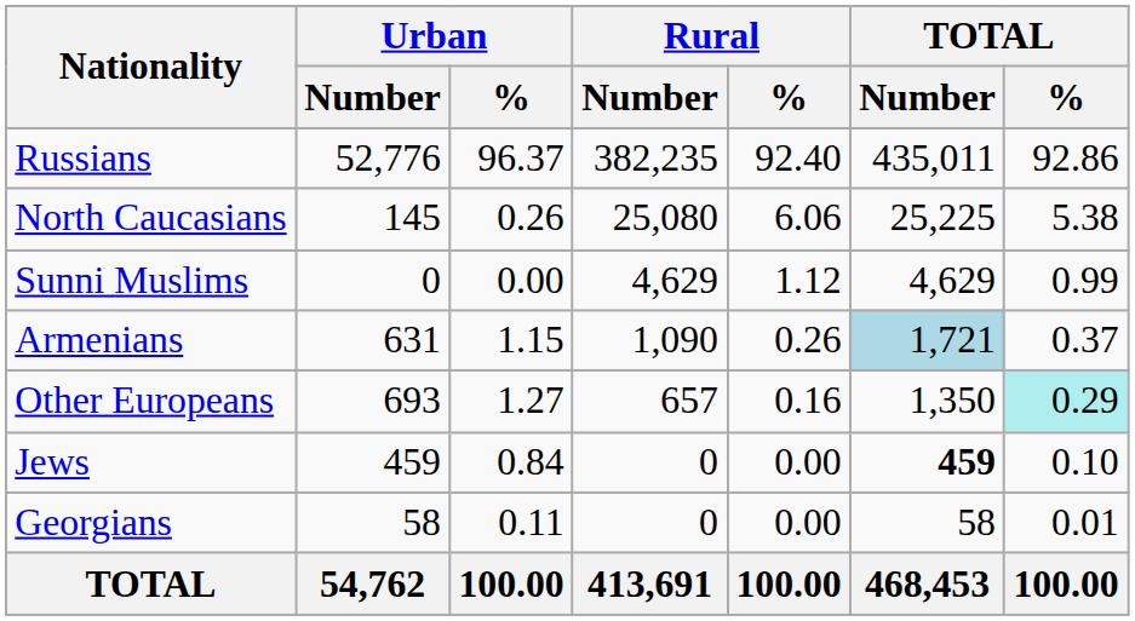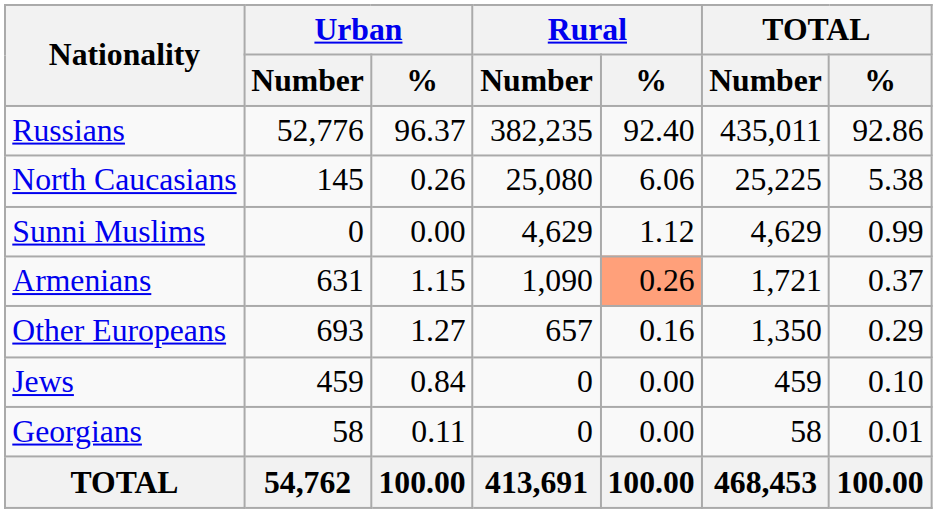 <table class="wikitable sortable">
 <tr>
 <th rowspan="2">Nationality</th>
 <th colspan="2"><a href='#'>Urban</a></th>
 <th colspan="2"><a href='#'>Rural</a></th>
 <th colspan="2">TOTAL</th>
 </tr>
 <tr>
 <th>Number</th>
 <th>%</th>
 <th>Number</th>
 <th>%</th>
 <th>Number</th>
 <th>%</th>
 </tr>
 <tr>
 <td><a href='#'>Russians</a></td>
 <td align="right">52,776</td>
 <td align="right">96.37</td>
 <td align="right">382,235</td>
 <td align="right">92.40</td>
 <td align="right">435,011</td>
 <td align="right">92.86</td>
 </tr>
 <tr>
 <td><a href='#'>North Caucasians</a></td>
 <td align="right">145</td>
 <td align="right">0.26</td>
 <td align="right">25,080</td>
 <td align="right">6.06</td>
 <td align="right">25,225</td>
 <td align="right">5.38</td>
 </tr>
 <tr>
 <td><a href='#'>Sunni Muslims</a></td>
 <td align="right">0</td>
 <td align="right">0.00</td>
 <td align="right">4,629</td>
 <td align="right">1.12</td>
 <td align="right">4,629</td>
 <td align="right">0.99</td>
 </tr>
 <tr>
 <td><a href='#'>Armenians</a></td>
 <td align="right">631</td>
 <td align="right">1.15</td>
 <td align="right">1,090</td>
-<td align="right">0.26</td>
-<td align="right" style="background: lightblue;">1,721</td>
+<td align="right" style="background: lightsalmon;">0.26</td>
+<td align="right">1,721</td>
 <td align="right">0.37</td>
 </tr>
 <tr>
 <td><a href='#'>Other Europeans</a></td>
 <td align="right">693</td>
 <td align="right">1.27</td>
 <td align="right">657</td>
 <td align="right">0.16</td>
 <td align="right">1,350</td>
-<td align="right" style="background: paleturquoise;">0.29</td>
+<td align="right">0.29</td>
 </tr>
 <tr>
 <td><a href='#'>Jews</a></td>
 <td align="right">459</td>
 <td align="right">0.84</td>
 <td align="right">0</td>
 <td align="right">0.00</td>
-<td align="right"><strong>459</strong></td>
+<td align="right">459</td>
 <td align="right">0.10</td>
 </tr>
 <tr>
 <td><a href='#'>Georgians</a></td>
 <td align="right">58</td>
 <td align="right">0.11</td>
 <td align="right">0</td>
 <td align="right">0.00</td>
 <td align="right">58</td>
 <td align="right">0.01</td>
 </tr>
 <tr>
 <th>TOTAL</th>
 <th>54,762</th>
 <th>100.00</th>
 <th>413,691</th>
 <th>100.00</th>
 <th>468,453</th>
 <th>100.00</th>
 </tr>
 </table>
